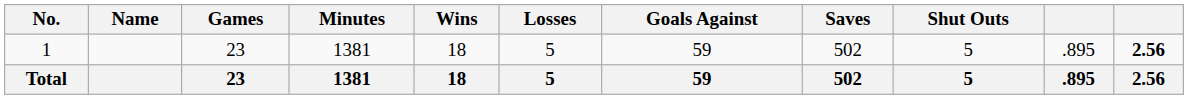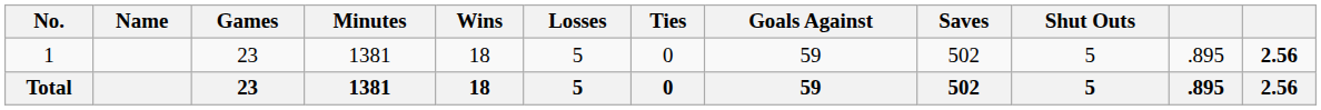 <table class="wikitable sortable" width ="1000">
 <tr align="center">
 <th><strong>No.</strong></th>
 <th><strong>Name</strong></th>
 <th><strong>Games</strong></th>
 <th><strong>Minutes</strong></th>
 <th><strong>Wins</strong></th>
 <th><strong>Losses</strong></th>
+<th><strong>Ties</strong></th>
 <th><strong>Goals Against</strong></th>
 <th><strong>Saves</strong></th>
 <th><strong>Shut Outs</strong></th>
 <th><strong><a href='#'></a></strong></th>
 <th><strong><a href='#'></a></strong></th>
 </tr>
 <tr align="center" bgcolor="">
 <td>1</td>
 <td></td>
 <td>23</td>
 <td>1381</td>
 <td>18</td>
 <td>5</td>
+<td>0</td>
 <td>59</td>
 <td>502</td>
 <td>5</td>
 <td>.895</td>
 <td><strong>2.56</strong></td>
 </tr>
 <tr>
 <th>Total</th>
 <th></th>
 <th>23</th>
 <th>1381</th>
 <th>18</th>
 <th>5</th>
+<th>0</th>
 <th>59</th>
 <th>502</th>
 <th>5</th>
 <th>.895</th>
 <th><strong>2.56</strong></th>
 </tr>
 </table>
